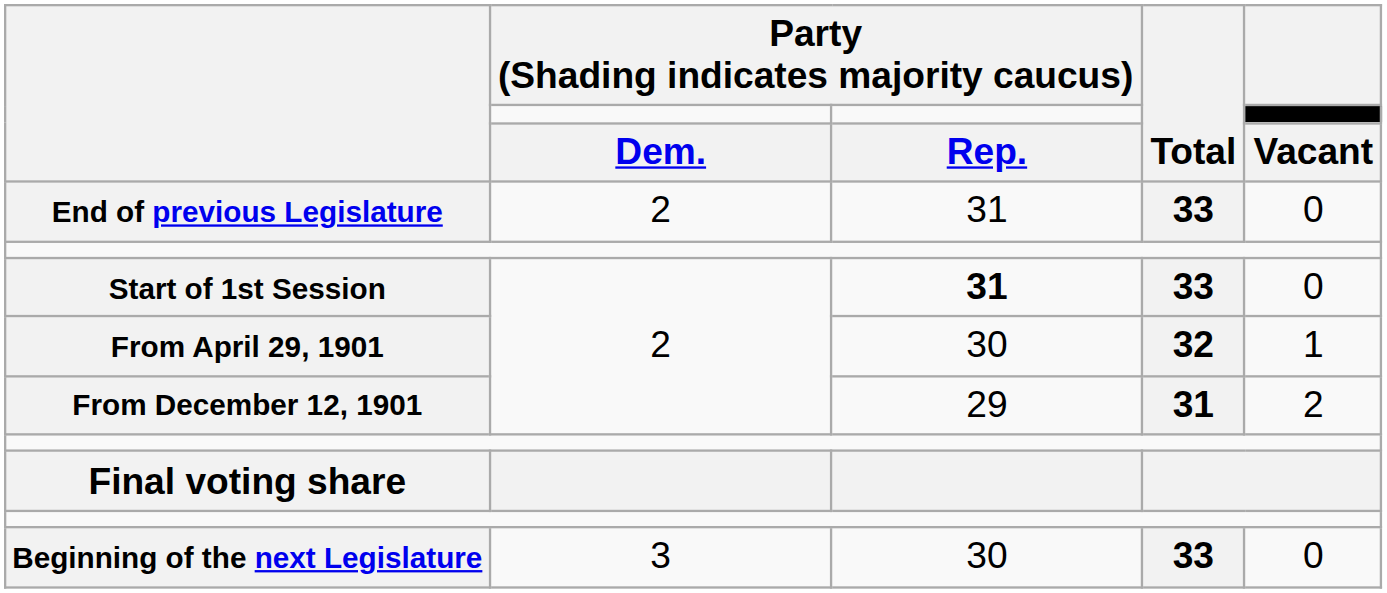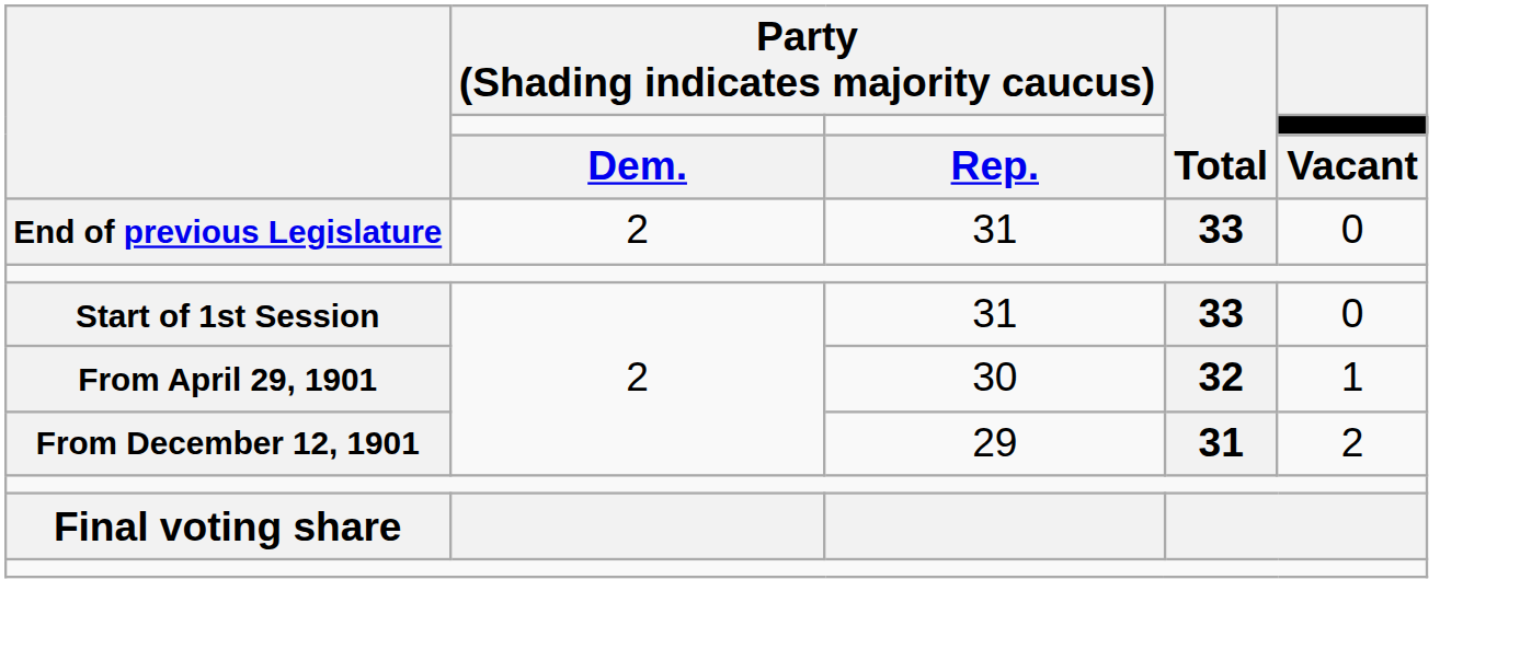 <table class=wikitable style="text-align:center">
 <tr style="vertical-align:bottom;">
 <th rowspan=3></th>
 <th colspan=2>Party <div>(Shading indicates majority caucus)</div></th>
 <th rowspan=3>Total</th>
 <th></th>
 </tr>
 <tr style="height:5px">
 <td style="background-color:"></td>
 <td style="background-color:"></td>
 <td style="background:black;"></td>
 </tr>
 <tr>
 <th><a href='#'>Dem.</a></th>
 <th><a href='#'>Rep.</a></th>
 <th>Vacant</th>
 </tr>
 <tr>
 <th style="font-size:80%;">End of <a href='#'>previous Legislature</a></th>
 <td>2</td>
 <td>31</td>
 <th>33</th>
 <td>0</td>
 </tr>
 <tr>
 <td colspan=5></td>
 </tr>
 <tr>
 <th style="font-size:80%;">Start of 1st Session</th>
 <td rowspan="3">2</td>
-<td><strong>31</strong></td>
+<td>31</td>
 <th>33</th>
 <td>0</td>
 </tr>
 <tr>
 <th style="font-size:80%;">From April 29, 1901</th>
 <td>30</td>
 <th>32</th>
 <td>1</td>
 </tr>
 <tr>
 <th style="font-size:80%;">From December 12, 1901</th>
 <td>29</td>
 <th>31</th>
 <td>2</td>
 </tr>
 <tr>
 <td colspan=5></td>
 </tr>
 <tr>
 <th>Final voting share</th>
 <th></th>
 <th></th>
 <th colspan=2></th>
 </tr>
 <tr>
 <td colspan=5></td>
 </tr>
-<tr>
-<th style="font-size:80%;">Beginning of the <a href='#'>next Legislature</a></th>
-<td>3</td>
-<td>30</td>
-<th>33</th>
-<td>0</td>
-</tr>
 </table>
